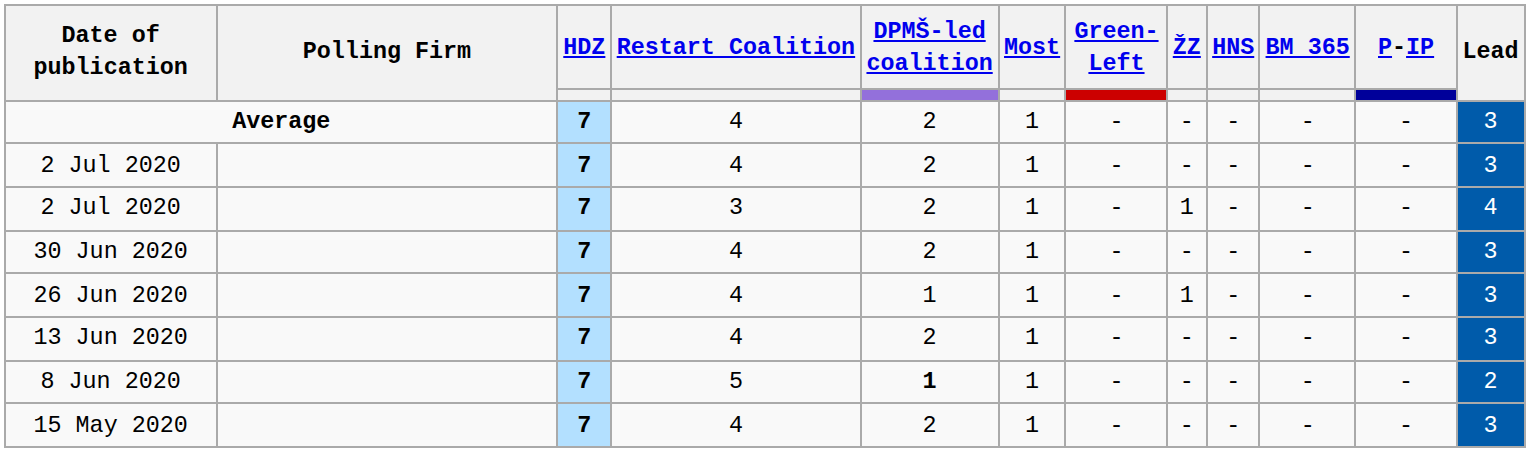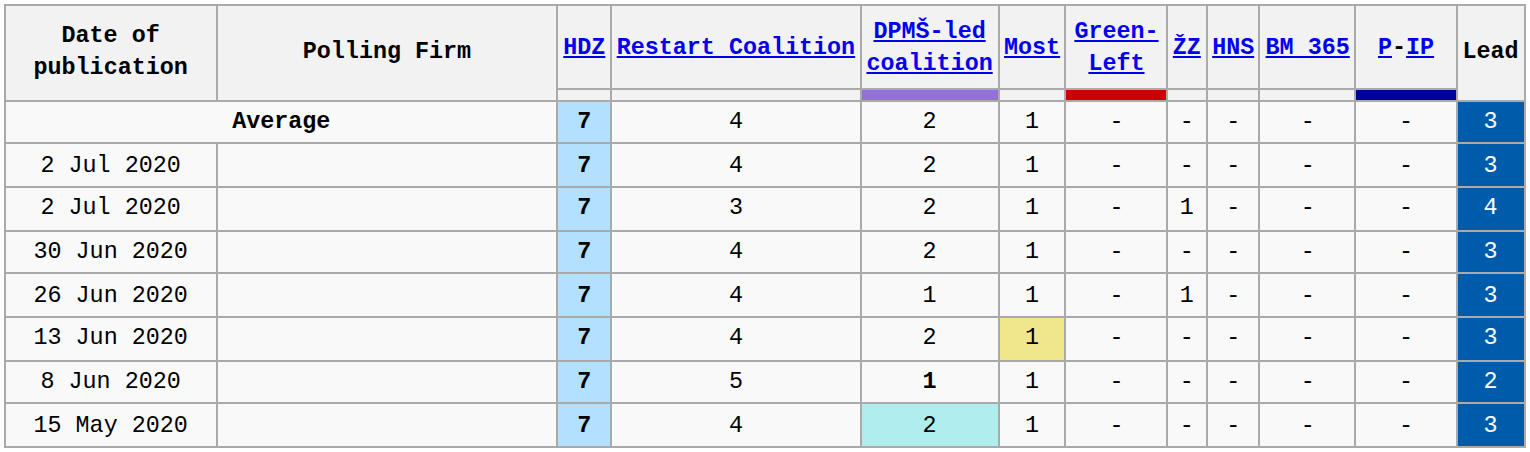 <table class="wikitable sortable" style="text-align:center; font-size:90%; line-height:16px;">
 <tr style="height:42px;">
 <th style="width:100px;" rowspan="2">Date of publication</th>
 <th style="width:165px;" rowspan="2">Polling Firm</th>
 <th class="unsortable"><a href='#'>HDZ</a></th>
 <th class="unsortable"><a href='#'>Restart Coalition</a></th>
 <th class="unsortable"><a href='#'>DPMŠ-led coalition</a></th>
 <th class="unsortable"><a href='#'>Most</a></th>
 <th class="unsortable"><a href='#'>Green-Left</a></th>
 <th class="unsortable"><a href='#'>ŽZ</a></th>
 <th class="unsortable"><a href='#'>HNS</a></th>
 <th class="unsortable"><a href='#'>BM 365</a></th>
 <th class="unsortable"><a href='#'>P</a>-<a href='#'>IP</a></th>
 <th class="unsortable" style="width:20px;" rowspan="2">Lead</th>
 </tr>
 <tr>
 <th class="unsortable" style="color:inherit;background:"></th>
 <th class="unsortable" style="color:inherit;background:"></th>
 <th class="unsortable" style="color:inherit;background:#9370db; width:45px;"></th>
 <th class="unsortable" style="color:inherit;background:"></th>
 <th class="unsortable" style="background:#cc0000" width="45px"></th>
 <th class="unsortable" style="color:inherit;background:"></th>
 <th class="unsortable" style="color:inherit;background:"></th>
 <th class="unsortable" style="color:inherit;background:"></th>
 <th class="unsortable" style="color:inherit;background:#00009a; width:45px;"></th>
 </tr>
 <tr>
 <td colspan="2"><strong>Average</strong></td>
 <td style="background:#B3E0FF"><strong>7</strong></td>
 <td>4</td>
 <td>2</td>
 <td>1</td>
 <td>-</td>
 <td>-</td>
 <td>-</td>
 <td>-</td>
 <td>-</td>
 <td style="background:#005BAA; color:white;">3</td>
 </tr>
 <tr>
 <td>2 Jul 2020</td>
 <td></td>
 <td style="background:#B3E0FF"><strong>7</strong></td>
 <td>4</td>
 <td>2</td>
 <td>1</td>
 <td>-</td>
 <td>-</td>
 <td>-</td>
 <td>-</td>
 <td>-</td>
 <td style="background:#005BAA; color:white;">3</td>
 </tr>
 <tr>
 <td>2 Jul 2020</td>
 <td></td>
 <td style="background:#B3E0FF"><strong>7</strong></td>
 <td>3</td>
 <td>2</td>
 <td>1</td>
 <td>-</td>
 <td>1</td>
 <td>-</td>
 <td>-</td>
 <td>-</td>
 <td style="background:#005BAA; color:white;">4</td>
 </tr>
 <tr>
 <td>30 Jun 2020</td>
 <td></td>
 <td style="background:#B3E0FF"><strong>7</strong></td>
 <td>4</td>
 <td>2</td>
 <td>1</td>
 <td>-</td>
 <td>-</td>
 <td>-</td>
 <td>-</td>
 <td>-</td>
 <td style="background:#005BAA; color:white;">3</td>
 </tr>
 <tr>
 <td>26 Jun 2020</td>
 <td></td>
 <td style="background:#B3E0FF"><strong>7</strong></td>
 <td>4</td>
 <td>1</td>
 <td>1</td>
 <td>-</td>
 <td>1</td>
 <td>-</td>
 <td>-</td>
 <td>-</td>
 <td style="background:#005BAA; color:white;">3</td>
 </tr>
 <tr>
 <td>13 Jun 2020</td>
 <td></td>
 <td style="background:#B3E0FF"><strong>7</strong></td>
 <td>4</td>
 <td>2</td>
-<td>1</td>
+<td style="background: khaki;">1</td>
 <td>-</td>
 <td>-</td>
 <td>-</td>
 <td>-</td>
 <td>-</td>
 <td style="background:#005BAA; color:white;">3</td>
 </tr>
 <tr>
 <td>8 Jun 2020</td>
 <td></td>
 <td style="background:#B3E0FF"><strong>7</strong></td>
 <td>5</td>
 <td><strong>1</strong></td>
 <td>1</td>
 <td>-</td>
 <td>-</td>
 <td>-</td>
 <td>-</td>
 <td>-</td>
 <td style="background:#005BAA; color:white;">2</td>
 </tr>
 <tr>
 <td>15 May 2020</td>
 <td></td>
 <td style="background:#B3E0FF"><strong>7</strong></td>
 <td>4</td>
-<td>2</td>
+<td style="background: paleturquoise;">2</td>
 <td>1</td>
 <td>-</td>
 <td>-</td>
 <td>-</td>
 <td>-</td>
 <td>-</td>
 <td style="background:#005BAA; color:white;">3</td>
 </tr>
 </table>
